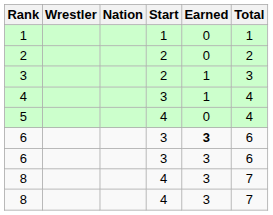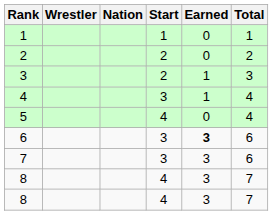 <table class="wikitable sortable" style="text-align:center;">
 <tr>
 <th>Rank</th>
 <th>Wrestler</th>
 <th>Nation</th>
 <th>Start</th>
 <th>Earned</th>
 <th>Total</th>
 </tr>
 <tr style="background:#cfc;">
 <td>1</td>
 <td align=left></td>
 <td align=left></td>
 <td>1</td>
 <td>0</td>
 <td>1</td>
 </tr>
 <tr style="background:#cfc;">
 <td>2</td>
 <td align=left></td>
 <td align=left></td>
 <td>2</td>
 <td>0</td>
 <td>2</td>
 </tr>
 <tr style="background:#cfc;">
 <td>3</td>
 <td align=left></td>
 <td align=left></td>
 <td>2</td>
 <td>1</td>
 <td>3</td>
 </tr>
 <tr style="background:#cfc;">
 <td>4</td>
 <td align=left></td>
 <td align=left></td>
 <td>3</td>
 <td>1</td>
 <td>4</td>
 </tr>
 <tr style="background:#cfc;">
 <td>5</td>
 <td align=left></td>
 <td align=left></td>
 <td>4</td>
 <td>0</td>
 <td>4</td>
 </tr>
 <tr>
 <td>6</td>
 <td align=left></td>
 <td align=left></td>
 <td>3</td>
 <td><strong>3</strong></td>
 <td>6</td>
 </tr>
 <tr>
-<td>6</td>
+<td>7</td>
 <td align=left></td>
 <td align=left></td>
 <td>3</td>
 <td>3</td>
 <td>6</td>
 </tr>
 <tr>
 <td>8</td>
 <td align=left></td>
 <td align=left></td>
 <td>4</td>
 <td>3</td>
 <td>7</td>
 </tr>
 <tr>
 <td>8</td>
 <td align=left></td>
 <td align=left></td>
 <td>4</td>
 <td>3</td>
 <td>7</td>
 </tr>
 </table>
